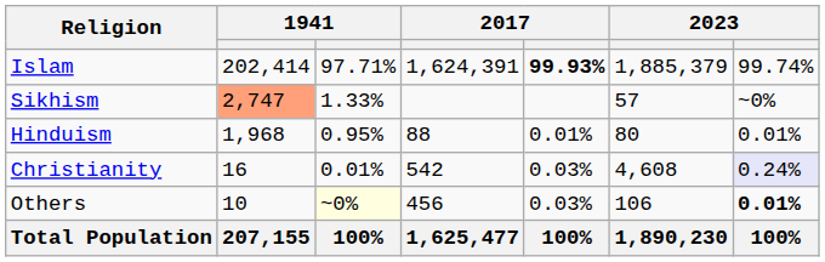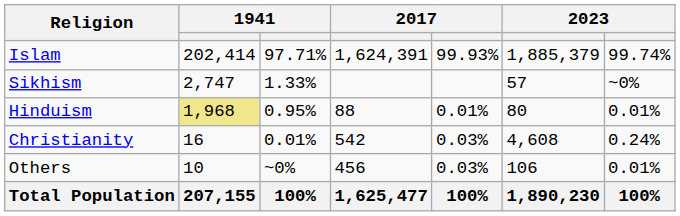 <table class="wikitable sortable">
 <tr>
 <th rowspan="2">Religion</th>
 <th colspan="2">1941</th>
 <th colspan="2">2017</th>
 <th colspan="2">2023</th>
 </tr>
 <tr>
 <th></th>
 <th></th>
 <th></th>
 <th></th>
 <th></th>
 <th></th>
 </tr>
 <tr>
 <td><a href='#'>Islam</a> </td>
 <td>202,414</td>
 <td>97.71%</td>
 <td>1,624,391</td>
-<td><strong>99.93%</strong></td>
+<td>99.93%</td>
 <td>1,885,379</td>
 <td>99.74%</td>
 </tr>
 <tr>
 <td><a href='#'>Sikhism</a> </td>
-<td style="background: lightsalmon;">2,747</td>
+<td>2,747</td>
 <td>1.33%</td>
 <td></td>
 <td></td>
 <td>57</td>
 <td>~0%</td>
 </tr>
 <tr>
 <td><a href='#'>Hinduism</a> </td>
-<td>1,968</td>
+<td style="background: khaki;">1,968</td>
 <td>0.95%</td>
 <td>88</td>
 <td>0.01%</td>
 <td>80</td>
 <td>0.01%</td>
 </tr>
 <tr>
 <td><a href='#'>Christianity</a> </td>
 <td>16</td>
 <td>0.01%</td>
 <td>542</td>
 <td>0.03%</td>
 <td>4,608</td>
-<td style="background: lavender;">0.24%</td>
+<td>0.24%</td>
 </tr>
 <tr>
 <td>Others</td>
 <td>10</td>
-<td style="background: lightyellow;">~0%</td>
+<td>~0%</td>
 <td>456</td>
 <td>0.03%</td>
 <td>106</td>
-<td><strong>0.01%</strong></td>
+<td>0.01%</td>
 </tr>
 <tr>
 <th>Total Population</th>
 <th>207,155</th>
 <th>100%</th>
 <th>1,625,477</th>
 <th>100%</th>
 <th>1,890,230</th>
 <th>100%</th>
 </tr>
 </table>
